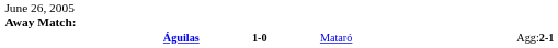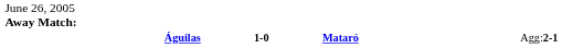 <table width=100% cellspacing=1>
 <tr>
 <th width=20%></th>
 <th width=12%></th>
 <th width=20%></th>
 <th></th>
 </tr>
 <tr>
 <td>June 26, 2005<br><strong>Away Match:</strong></td>
 </tr>
 <tr style=font-size:90%>
 <td align=right><strong><a href='#'>Águilas</a></strong></td>
 <td align=center><strong>1-0</strong></td>
-<td><a href='#'>Mataró</a></td>
+<td><strong><a href='#'>Mataró</a></strong></td>
 <td>Agg:<strong>2-1</strong></td>
 </tr>
 </table>
